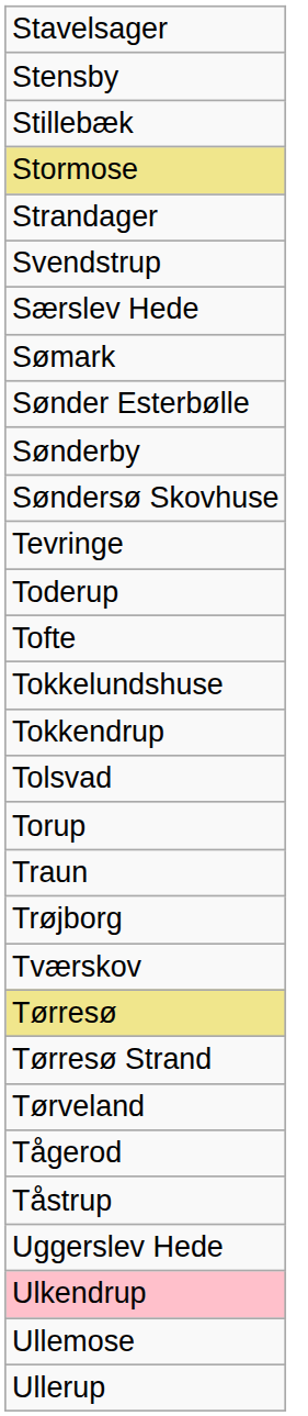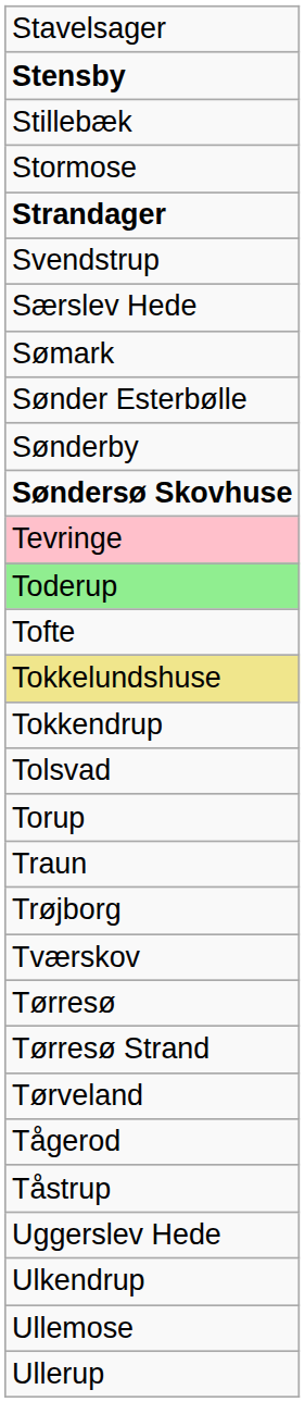 <table class="wikitable" style="float:left; margin-right:1em">
 <tr>
 <td>Stavelsager</td>
 </tr>
 <tr>
-<td>Stensby</td>
+<td><strong>Stensby</strong></td>
 </tr>
 <tr>
 <td>Stillebæk</td>
 </tr>
 <tr>
-<td style="background: khaki;">Stormose</td>
+<td>Stormose</td>
 </tr>
 <tr>
-<td>Strandager</td>
+<td><strong>Strandager</strong></td>
 </tr>
 <tr>
 <td>Svendstrup</td>
 </tr>
 <tr>
 <td>Særslev Hede</td>
 </tr>
 <tr>
 <td>Sømark</td>
 </tr>
 <tr>
 <td>Sønder Esterbølle</td>
 </tr>
 <tr>
 <td>Sønderby</td>
 </tr>
 <tr>
-<td>Søndersø Skovhuse</td>
+<td><strong>Søndersø Skovhuse</strong></td>
 </tr>
 <tr>
-<td>Tevringe</td>
+<td style="background: pink;">Tevringe</td>
 </tr>
 <tr>
-<td>Toderup</td>
+<td style="background: lightgreen;">Toderup</td>
 </tr>
 <tr>
 <td>Tofte</td>
 </tr>
 <tr>
-<td>Tokkelundshuse</td>
+<td style="background: khaki;">Tokkelundshuse</td>
 </tr>
 <tr>
 <td>Tokkendrup</td>
 </tr>
 <tr>
 <td>Tolsvad</td>
 </tr>
 <tr>
 <td>Torup</td>
 </tr>
 <tr>
 <td>Traun</td>
 </tr>
 <tr>
 <td>Trøjborg</td>
 </tr>
 <tr>
 <td>Tværskov</td>
 </tr>
 <tr>
-<td style="background: khaki;">Tørresø</td>
+<td>Tørresø</td>
 </tr>
 <tr>
 <td>Tørresø Strand</td>
 </tr>
 <tr>
 <td>Tørveland</td>
 </tr>
 <tr>
 <td>Tågerod</td>
 </tr>
 <tr>
 <td>Tåstrup</td>
 </tr>
 <tr>
 <td>Uggerslev Hede</td>
 </tr>
 <tr>
-<td style="background: pink;">Ulkendrup</td>
+<td>Ulkendrup</td>
 </tr>
 <tr>
 <td>Ullemose</td>
 </tr>
 <tr>
 <td>Ullerup</td>
 </tr>
 </table>
